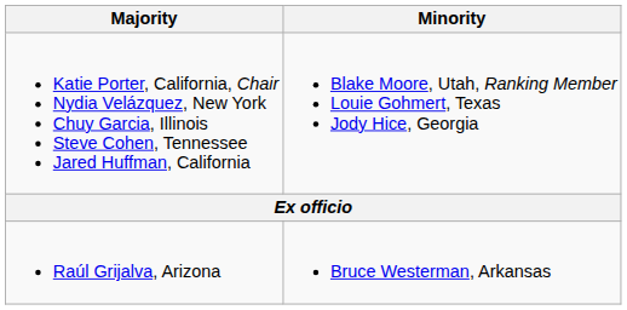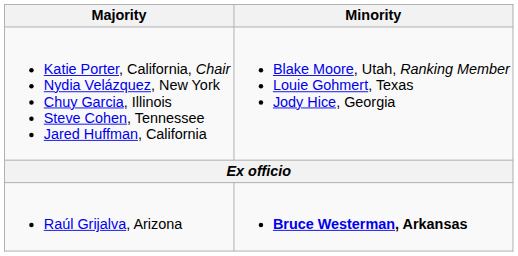 <table class=wikitable>
 <tr>
 <th>Majority</th>
 <th>Minority</th>
 </tr>
 <tr valign=top>
 <td><br><ul><li><a href='#'>Katie Porter</a>, California, <em>Chair</em></li><li><a href='#'>Nydia Velázquez</a>, New York</li><li><a href='#'>Chuy Garcia</a>, Illinois</li><li><a href='#'>Steve Cohen</a>, Tennessee</li><li><a href='#'>Jared Huffman</a>, California</li></ul></td>
 <td><br><ul><li><a href='#'>Blake Moore</a>, Utah, <em>Ranking Member</em></li><li><a href='#'>Louie Gohmert</a>, Texas</li><li><a href='#'>Jody Hice</a>, Georgia</li></ul></td>
 </tr>
 <tr>
 <th colspan=2><em>Ex officio</em></th>
 </tr>
 <tr>
 <td><br><ul><li><a href='#'>Raúl Grijalva</a>, Arizona</li></ul></td>
-<td><br><ul><li><a href='#'>Bruce Westerman</a>, Arkansas</li></ul></td>
+<td><strong><br><ul><li><a href='#'>Bruce Westerman</a>, Arkansas</li></ul></strong></td>
 </tr>
 </table>
